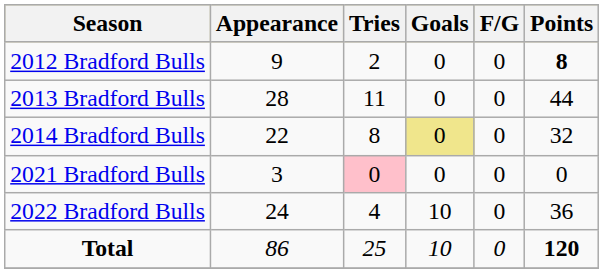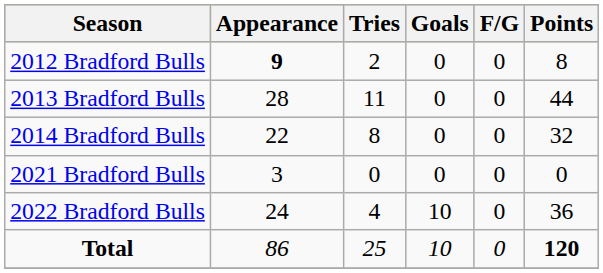 <table class="wikitable" style="text-align:center;">
 <tr bgcolor=#bdb76b>
 <th>Season</th>
 <th>Appearance</th>
 <th>Tries</th>
 <th>Goals</th>
 <th>F/G</th>
 <th>Points</th>
 </tr>
 <tr>
 <td><a href='#'>2012 Bradford Bulls</a></td>
-<td>9</td>
+<td><strong>9</strong></td>
 <td>2</td>
 <td>0</td>
 <td>0</td>
-<td><strong>8</strong></td>
+<td>8</td>
 </tr>
 <tr>
 <td><a href='#'>2013 Bradford Bulls</a></td>
 <td>28</td>
 <td>11</td>
 <td>0</td>
 <td>0</td>
 <td>44</td>
 </tr>
 <tr>
 <td><a href='#'>2014 Bradford Bulls</a></td>
 <td>22</td>
 <td>8</td>
-<td style="background: khaki;">0</td>
+<td>0</td>
 <td>0</td>
 <td>32</td>
 </tr>
 <tr>
 <td><a href='#'>2021 Bradford Bulls</a></td>
 <td>3</td>
-<td style="background: pink;">0</td>
+<td>0</td>
 <td>0</td>
 <td>0</td>
 <td>0</td>
 </tr>
 <tr>
 <td><a href='#'>2022 Bradford Bulls</a></td>
 <td>24</td>
 <td>4</td>
 <td>10</td>
 <td>0</td>
 <td>36</td>
 </tr>
 <tr>
 <td><strong>Total</strong></td>
 <td><em>86</em></td>
 <td><em>25</em></td>
 <td><em>10</em></td>
 <td><em>0</em></td>
 <td><strong>120</strong></td>
 </tr>
 <tr>
 </tr>
 </table>
